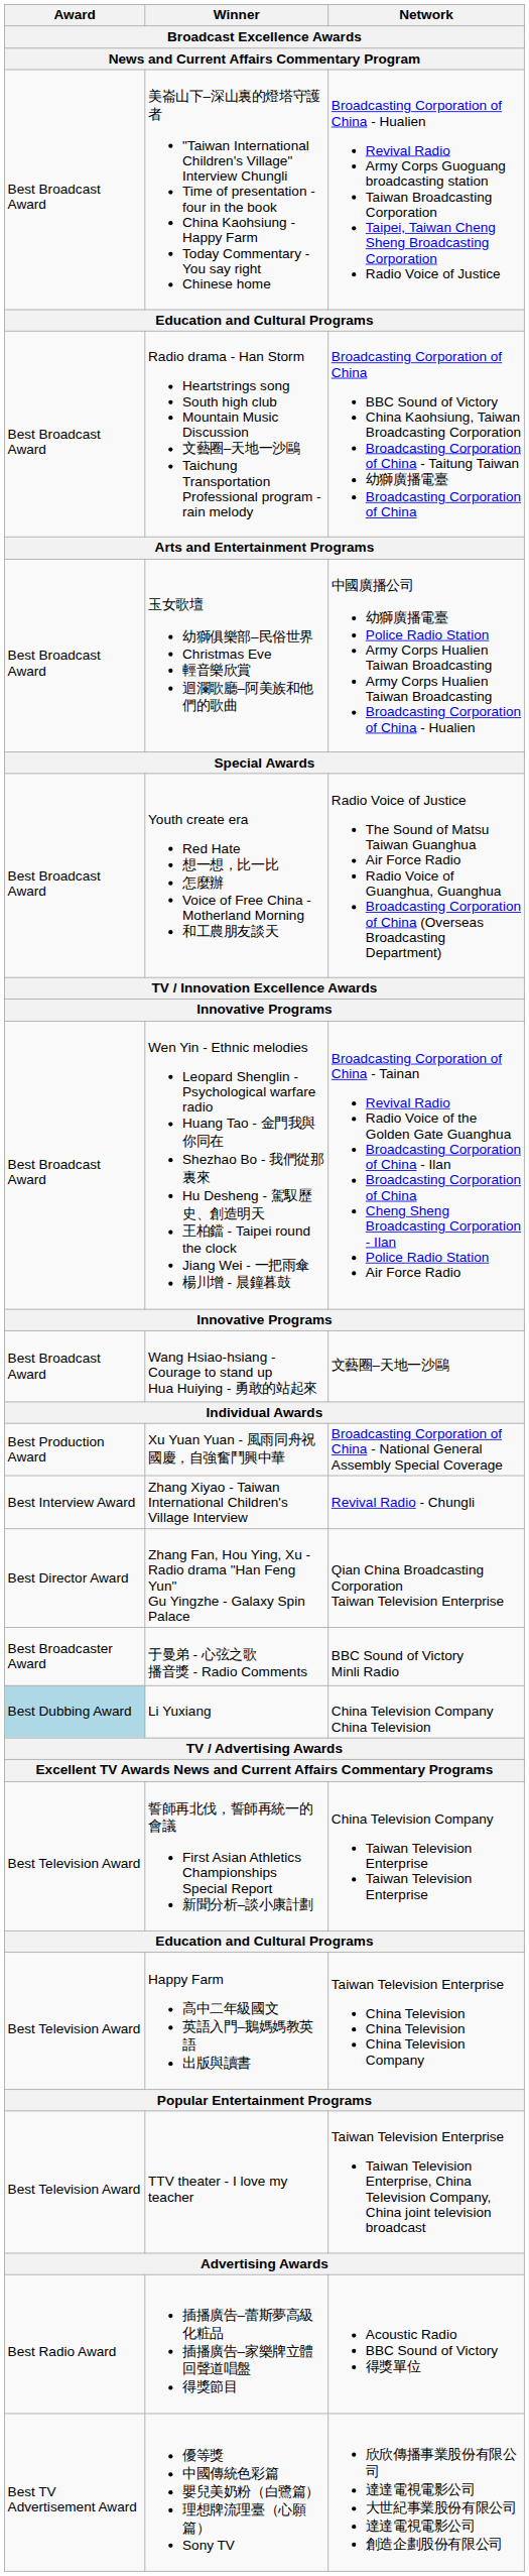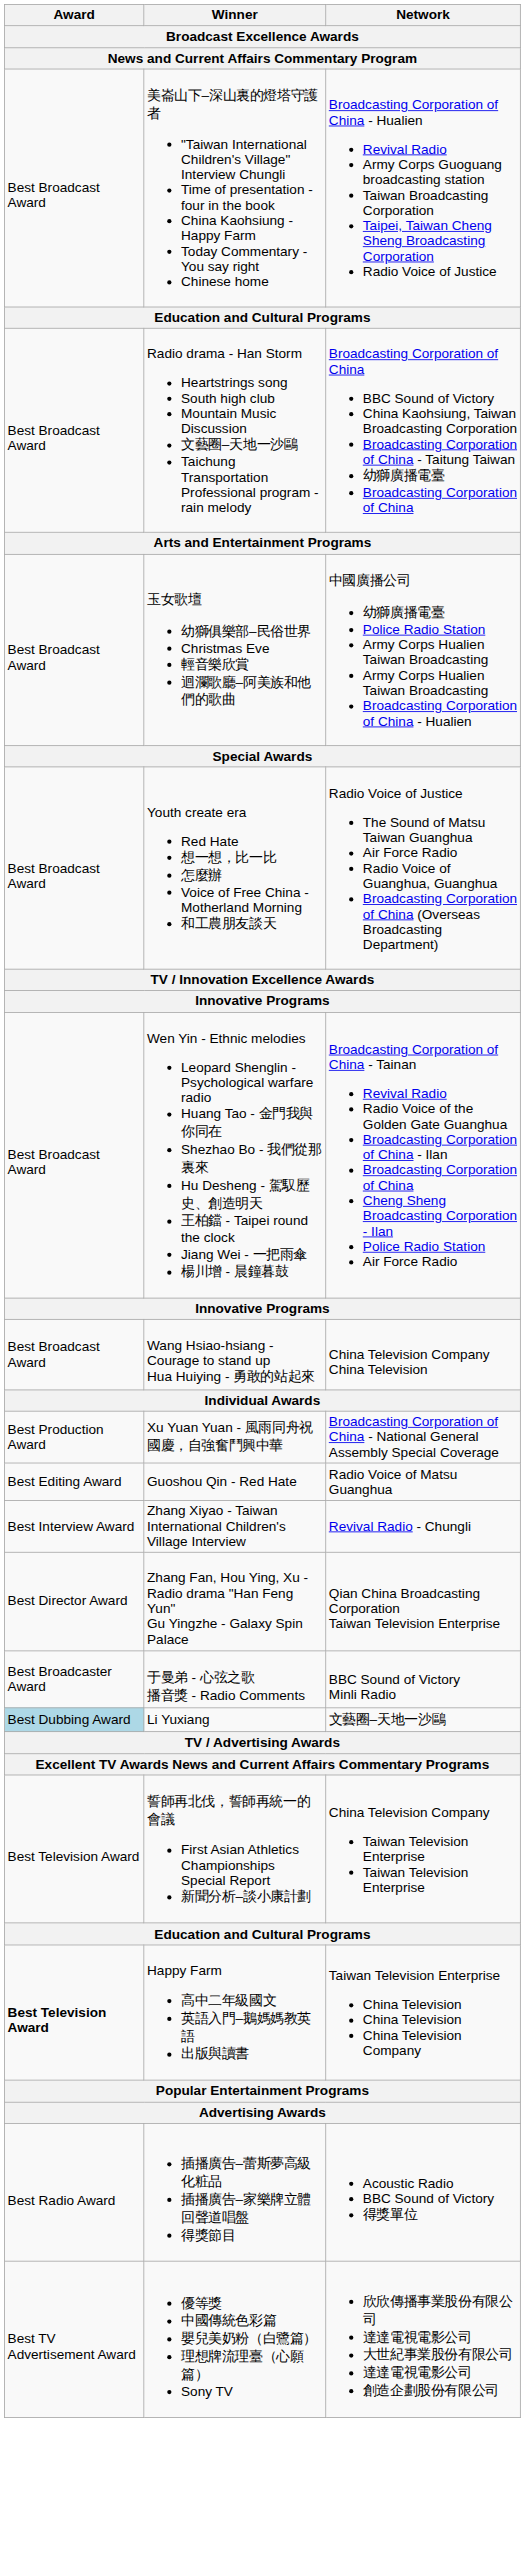 <table class="wikitable">
 <tr>
 <th style="width:200pt;">Award</th>
 <th style="width:240pt;">Winner</th>
 <th style="width:300pt;">Network</th>
 </tr>
 <tr>
 <th colspan=3 style="text-align:center" style="background:#99CCFF;">Broadcast Excellence Awards</th>
 </tr>
 <tr>
 <th colspan=3 style="text-align:center" style="background: LightSteelBlue;">News and Current Affairs Commentary Program</th>
 </tr>
 <tr>
 <td><br>Best Broadcast Award</td>
 <td><br>美崙山下–深山裏的燈塔守護者<ul><li>"Taiwan International Children's Village" Interview Chungli</li><li>Time of presentation - four in the book</li><li>China Kaohsiung - Happy Farm</li><li>Today Commentary - You say right</li><li>Chinese home</li></ul></td>
 <td><br><a href='#'>Broadcasting Corporation of China</a> - Hualien<ul><li><a href='#'>Revival Radio</a></li><li>Army Corps Guoguang broadcasting station</li><li>Taiwan Broadcasting Corporation</li><li><a href='#'>Taipei, Taiwan Cheng Sheng Broadcasting Corporation</a></li><li>Radio Voice of Justice</li></ul></td>
 </tr>
 <tr>
 <th colspan=3 style="text-align:center" style="background: LightSteelBlue;">Education and Cultural Programs</th>
 </tr>
 <tr>
 <td><br>Best Broadcast Award</td>
 <td><br>Radio drama - Han Storm<ul><li>Heartstrings song</li><li>South high club</li><li>Mountain Music Discussion</li><li>文藝圈–天地一沙鷗</li><li>Taichung Transportation Professional program - rain melody</li></ul></td>
 <td><br><a href='#'>Broadcasting Corporation of China</a><ul><li>BBC Sound of Victory</li><li>China Kaohsiung, Taiwan Broadcasting Corporation</li><li><a href='#'>Broadcasting Corporation of China</a> - Taitung Taiwan</li><li>幼獅廣播電臺</li><li><a href='#'>Broadcasting Corporation of China</a></li></ul></td>
 </tr>
 <tr>
 <th colspan=3 style="text-align:center" style="background: LightSteelBlue;">Arts and Entertainment Programs</th>
 </tr>
 <tr>
 <td><br>Best Broadcast Award</td>
 <td><br>玉女歌壇<ul><li>幼獅俱樂部–民俗世界</li><li>Christmas Eve</li><li>輕音樂欣賞</li><li>迴瀾歌廳–阿美族和他們的歌曲</li></ul></td>
 <td><br>中國廣播公司<ul><li>幼獅廣播電臺</li><li><a href='#'>Police Radio Station</a></li><li>Army Corps Hualien Taiwan Broadcasting</li><li>Army Corps Hualien Taiwan Broadcasting</li><li><a href='#'>Broadcasting Corporation of China</a> - Hualien</li></ul></td>
 </tr>
 <tr>
 <th colspan=3 style="text-align:center" style="background: LightSteelBlue;">Special Awards</th>
 </tr>
 <tr>
 <td><br>Best Broadcast Award</td>
 <td><br>Youth create era<ul><li>Red Hate</li><li>想一想，比一比</li><li>怎麼辦</li><li>Voice of Free China - Motherland Morning</li><li>和工農朋友談天</li></ul></td>
 <td><br>Radio Voice of Justice<ul><li>The Sound of Matsu Taiwan Guanghua</li><li>Air Force Radio</li><li>Radio Voice of Guanghua, Guanghua</li><li><a href='#'>Broadcasting Corporation of China</a> (Overseas Broadcasting Department)</li></ul></td>
 </tr>
 <tr>
 <th colspan=3 style="text-align:center" style="background:#99CCFF;">TV / Innovation Excellence Awards</th>
 </tr>
 <tr>
 <th colspan=3 style="text-align:center" style="background: LightSteelBlue;">Innovative Programs</th>
 </tr>
 <tr>
 <td><br>Best Broadcast Award</td>
 <td><br>Wen Yin - Ethnic melodies<ul><li>Leopard Shenglin - Psychological warfare radio</li><li>Huang Tao - 金門我與你同在</li><li>Shezhao Bo - 我們從那裏來</li><li>Hu Desheng - 駕馭歷史、創造明天</li><li>王柏鐺 - Taipei round the clock</li><li>Jiang Wei - 一把雨傘</li><li>楊川增 - 晨鐘暮鼓</li></ul></td>
 <td><br><a href='#'>Broadcasting Corporation of China</a> - Tainan<ul><li><a href='#'>Revival Radio</a></li><li>Radio Voice of the Golden Gate Guanghua</li><li><a href='#'>Broadcasting Corporation of China</a> - Ilan</li><li><a href='#'>Broadcasting Corporation of China</a></li><li><a href='#'>Cheng Sheng Broadcasting Corporation - Ilan</a></li><li><a href='#'>Police Radio Station</a></li><li>Air Force Radio</li></ul></td>
 </tr>
 <tr>
 <th colspan=3 style="text-align:center" style="background: LightSteelBlue;">Innovative Programs</th>
 </tr>
 <tr>
 <td>Best Broadcast Award</td>
 <td><br>Wang Hsiao-hsiang - Courage to stand up <br>Hua Huiying - 勇敢的站起來</td>
-<td>文藝圈–天地一沙鷗</td>
+<td><br>China Television Company <br>China Television</td>
 </tr>
 <tr>
 <th colspan=3 style="text-align:center" style="background:#99CCFF;">Individual Awards</th>
 </tr>
 <tr>
 <td>Best Production Award</td>
 <td>Xu Yuan Yuan - 風雨同舟祝國慶，自強奮鬥興中華</td>
 <td><a href='#'>Broadcasting Corporation of China</a> - National General Assembly Special Coverage</td>
+</tr>
+<tr>
+<td>Best Editing Award</td>
+<td>Guoshou Qin - Red Hate</td>
+<td>Radio Voice of Matsu Guanghua</td>
 </tr>
 <tr>
 <td>Best Interview Award</td>
 <td>Zhang Xiyao - Taiwan International Children's Village Interview</td>
 <td><a href='#'>Revival Radio</a> - Chungli</td>
 </tr>
 <tr>
 <td>Best Director Award</td>
 <td><br>Zhang Fan, Hou Ying, Xu - Radio drama "Han Feng Yun" <br>Gu Yingzhe - Galaxy Spin Palace</td>
 <td><br>Qian China Broadcasting Corporation <br>Taiwan Television Enterprise</td>
 </tr>
 <tr>
 <td>Best Broadcaster Award</td>
 <td><br>于曼弟 - 心弦之歌 <br>播音獎 - Radio Comments</td>
 <td><br>BBC Sound of Victory <br>Minli Radio</td>
 </tr>
 <tr>
 <td style="background: lightblue;">Best Dubbing Award</td>
 <td>Li Yuxiang</td>
-<td><br>China Television Company <br>China Television</td>
+<td>文藝圈–天地一沙鷗</td>
 </tr>
 <tr>
 <th colspan=3 style="text-align:center" style="background:#99CCFF;">TV / Advertising Awards</th>
 </tr>
 <tr>
 <th colspan=3 style="text-align:center" style="background: LightSteelBlue;">Excellent TV Awards News and Current Affairs Commentary Programs</th>
 </tr>
 <tr>
 <td><br>Best Television Award</td>
 <td><br>誓師再北伐，誓師再統一的會議<ul><li>First Asian Athletics Championships Special Report</li><li>新聞分析–談小康計劃</li></ul></td>
 <td><br>China Television Company<ul><li>Taiwan Television Enterprise</li><li>Taiwan Television Enterprise</li></ul></td>
 </tr>
 <tr>
 <th colspan=3 style="text-align:center" style="background: LightSteelBlue;">Education and Cultural Programs</th>
 </tr>
 <tr>
-<td><br>Best Television Award</td>
+<td><strong><br>Best Television Award</strong></td>
 <td><br>Happy Farm<ul><li>高中二年級國文</li><li>英語入門–鵝媽媽教英語</li><li>出版與讀書</li></ul></td>
 <td><br>Taiwan Television Enterprise<ul><li>China Television</li><li>China Television</li><li>China Television Company</li></ul></td>
 </tr>
 <tr>
 <th colspan=3 style="text-align:center" style="background: LightSteelBlue;">Popular Entertainment Programs</th>
-</tr>
-<tr>
-<td><br>Best Television Award</td>
-<td><br>TTV theater - I love my teacher</td>
-<td><br>Taiwan Television Enterprise<ul><li>Taiwan Television Enterprise, China Television Company, China joint television broadcast</li></ul></td>
 </tr>
 <tr>
 <th colspan=3 style="text-align:center" style="background: LightSteelBlue;">Advertising Awards</th>
 </tr>
 <tr>
 <td><br>Best Radio Award</td>
 <td><br><ul><li>插播廣告–蕾斯夢高級化粧品</li><li>插播廣告–家樂牌立體回聲道唱盤</li><li>得獎節目</li></ul></td>
 <td><br><ul><li>Acoustic Radio</li><li>BBC Sound of Victory</li><li>得獎單位</li></ul></td>
 </tr>
 <tr>
 <td><br>Best TV Advertisement Award</td>
 <td><br><ul><li>優等獎</li><li>中國傳統色彩篇</li><li>嬰兒美奶粉（白鷺篇）</li><li>理想牌流理臺（心願篇）</li><li>Sony TV</li></ul></td>
 <td><br><ul><li>欣欣傳播事業股份有限公司</li><li>達達電視電影公司</li><li>大世紀事業股份有限公司</li><li>達達電視電影公司</li><li>創造企劃股份有限公司</li></ul></td>
 </tr>
 </table>
